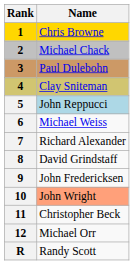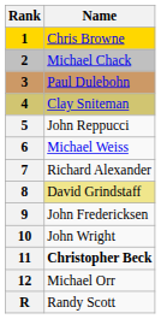 <table class="wikitable">
 <tr>
 <th>Rank</th>
 <th>Name</th>
 </tr>
 <tr bgcolor="gold">
 <td align="center"><strong>1</strong></td>
 <td><a href='#'> Chris Browne</a></td>
 </tr>
 <tr bgcolor="silver">
 <td align="center"><strong>2</strong></td>
 <td><a href='#'>Michael Chack</a></td>
 </tr>
 <tr bgcolor="cc9966">
 <td align="center"><strong>3</strong></td>
 <td><a href='#'>Paul Dulebohn</a></td>
 </tr>
 <tr bgcolor="#d1c571">
 <td align="center"><strong>4</strong></td>
 <td><a href='#'>Clay Sniteman</a></td>
 </tr>
 <tr>
 <th>5</th>
-<td style="background: lightblue;">John Reppucci</td>
+<td>John Reppucci</td>
 </tr>
 <tr>
 <th>6</th>
 <td><a href='#'>Michael Weiss</a></td>
 </tr>
 <tr>
 <th>7</th>
 <td>Richard Alexander</td>
 </tr>
 <tr>
 <th>8</th>
-<td>David Grindstaff</td>
+<td style="background: khaki;">David Grindstaff</td>
 </tr>
 <tr>
 <th>9</th>
 <td>John Fredericksen</td>
 </tr>
 <tr>
 <th>10</th>
-<td style="background: lightsalmon;">John Wright</td>
+<td>John Wright</td>
 </tr>
 <tr>
 <th>11</th>
-<td>Christopher Beck</td>
+<td><strong>Christopher Beck</strong></td>
 </tr>
 <tr>
 <th>12</th>
 <td>Michael Orr</td>
 </tr>
 <tr>
 <th>R</th>
 <td>Randy Scott</td>
 </tr>
 </table>
